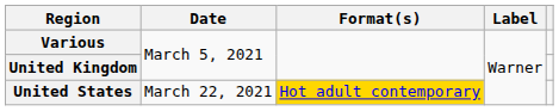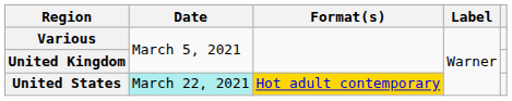 <table class="wikitable plainrowheaders">
 <tr>
 <th scope="col">Region</th>
 <th scope="col">Date</th>
 <th scope="col">Format(s)</th>
 <th scope="col">Label</th>
 <th scope="col"></th>
 </tr>
 <tr>
 <th scope="row">Various</th>
 <td rowspan="2">March 5, 2021</td>
 <td rowspan="2"></td>
 <td rowspan="3">Warner</td>
 <td></td>
 </tr>
 <tr>
 <th scope="row">United Kingdom</th>
 <td></td>
 </tr>
 <tr>
 <th scope="row">United States</th>
-<td>March 22, 2021</td>
+<td style="background: paleturquoise;">March 22, 2021</td>
 <td style="background: gold;"><a href='#'>Hot adult contemporary</a></td>
 <td></td>
 </tr>
 </table>
